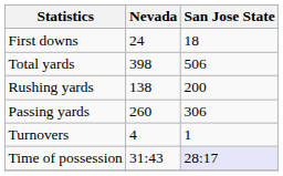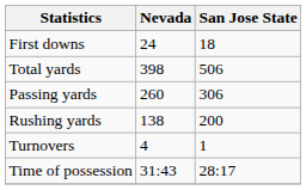 <table class="wikitable">
 <tr>
 <th>Statistics</th>
 <th>Nevada</th>
 <th>San Jose State</th>
 </tr>
 <tr>
 <td>First downs</td>
 <td>24</td>
 <td>18</td>
 </tr>
 <tr>
 <td>Total yards</td>
 <td>398</td>
 <td>506</td>
 </tr>
 <tr>
+<td>Passing yards</td>
+<td>260</td>
+<td>306</td>
+</tr>
+<tr>
 <td>Rushing yards</td>
 <td>138</td>
 <td>200</td>
-</tr>
-<tr>
-<td>Passing yards</td>
-<td>260</td>
-<td>306</td>
 </tr>
 <tr>
 <td>Turnovers</td>
 <td>4</td>
 <td>1</td>
 </tr>
 <tr>
 <td>Time of possession</td>
 <td>31:43</td>
-<td style="background: lavender;">28:17</td>
+<td>28:17</td>
 </tr>
 <tr>
 </tr>
 </table>
